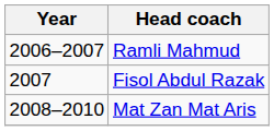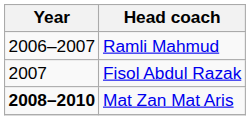 <table class="wikitable">
 <tr>
 <th>Year</th>
 <th>Head coach</th>
 </tr>
 <tr>
 <td>2006–2007</td>
 <td> <a href='#'>Ramli Mahmud</a></td>
 </tr>
 <tr>
 <td>2007</td>
 <td> <a href='#'>Fisol Abdul Razak</a></td>
 </tr>
 <tr>
-<td>2008–2010</td>
+<td><strong>2008–2010</strong></td>
 <td> <a href='#'>Mat Zan Mat Aris</a></td>
 </tr>
 <tr>
 </tr>
 </table>
